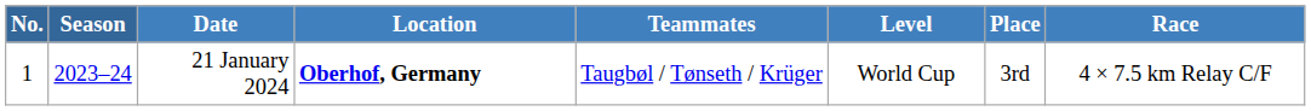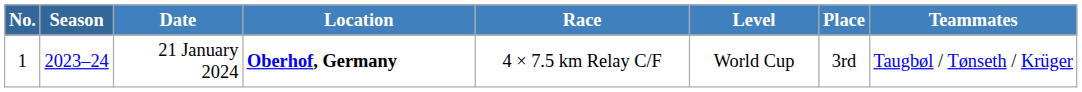 <table class="wikitable sortable" style="font-size:95%; text-align:center; border:grey solid 1px; border-collapse:collapse; background:#ffffff;">
 <tr style="background:#efefef;">
 <th style="background-color:#369; color:white;">No.</th>
 <th style="background-color:#369; color:white;">Season</th>
 <th style="background-color:#4180be; color:white; width:100px;">Date</th>
 <th style="background-color:#4180be; color:white; width:185px;">Location</th>
-<th style="background-color:#4180be; color:white;">Teammates</th>
+<th style="background-color:#4180be; color:white; width:170px;">Race</th>
 <th style="background-color:#4180be; color:white; width:100px;">Level</th>
 <th style="background-color:#4180be; color:white;">Place</th>
-<th style="background-color:#4180be; color:white; width:170px;">Race</th>
+<th style="background-color:#4180be; color:white;">Teammates</th>
 </tr>
 <tr>
 <td align=center>1</td>
 <td rowspan=1 align=center><a href='#'>2023–24</a></td>
 <td align=right>21 January 2024</td>
 <td align=left><strong> <a href='#'>Oberhof</a>, Germany</strong></td>
-<td><a href='#'>Taugbøl</a> / <a href='#'>Tønseth</a> / <a href='#'>Krüger</a></td>
+<td>4 × 7.5 km Relay C/F</td>
 <td>World Cup</td>
 <td>3rd</td>
-<td>4 × 7.5 km Relay C/F</td>
+<td><a href='#'>Taugbøl</a> / <a href='#'>Tønseth</a> / <a href='#'>Krüger</a></td>
 </tr>
 </table>
